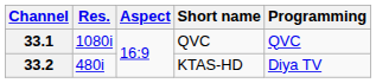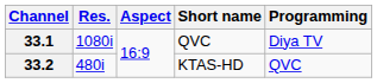 <table class="wikitable">
 <tr>
 <th scope = "col"><a href='#'>Channel</a></th>
 <th scope = "col"><a href='#'>Res.</a></th>
 <th scope = "col"><a href='#'>Aspect</a></th>
 <th scope = "col">Short name</th>
 <th scope = "col">Programming</th>
 </tr>
 <tr>
 <th scope = "row">33.1</th>
 <td><a href='#'>1080i</a></td>
 <td rowspan="2"><a href='#'>16:9</a></td>
 <td>QVC</td>
-<td><a href='#'>QVC</a></td>
+<td><a href='#'>Diya TV</a></td>
 </tr>
 <tr>
 <th scope = "row">33.2</th>
 <td><a href='#'>480i</a></td>
 <td>KTAS-HD</td>
-<td><a href='#'>Diya TV</a></td>
+<td><a href='#'>QVC</a></td>
 </tr>
 </table>
